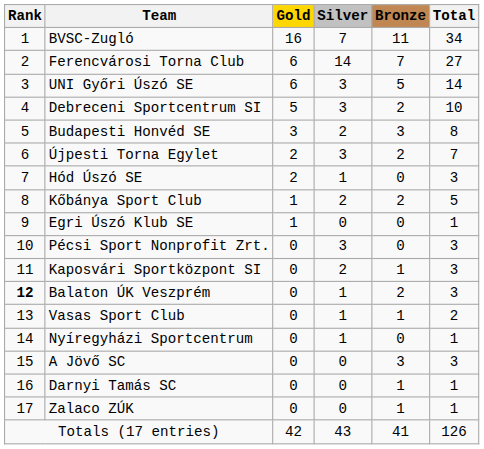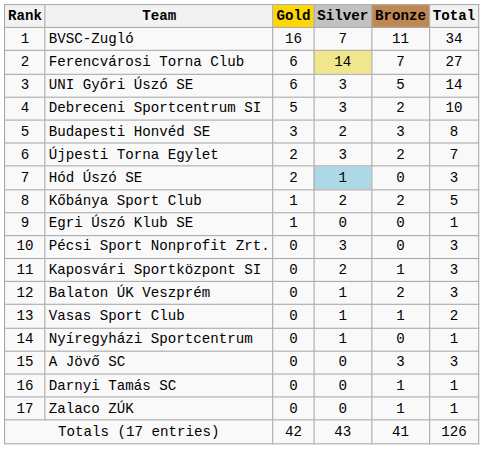 <table class="wikitable sortable sort-under sticky-header" style="text-align:center; font-size:100%;">
 <tr>
 <th>Rank</th>
 <th>Team</th>
 <th style="background-color: gold;">Gold</th>
 <th style="background-color: #C1C1C1;">Silver</th>
 <th style="background-color: #C08753;">Bronze</th>
 <th>Total</th>
 </tr>
 <tr>
 <td>1</td>
 <td align="left">BVSC-Zugló</td>
 <td>16</td>
 <td>7</td>
 <td>11</td>
 <td>34</td>
 </tr>
 <tr>
 <td>2</td>
 <td align="left">Ferencvárosi Torna Club</td>
 <td>6</td>
-<td>14</td>
+<td style="background: khaki;">14</td>
 <td>7</td>
 <td>27</td>
 </tr>
 <tr>
 <td>3</td>
 <td align="left">UNI Győri Úszó SE</td>
 <td>6</td>
 <td>3</td>
 <td>5</td>
 <td>14</td>
 </tr>
 <tr>
 <td>4</td>
 <td align="left">Debreceni Sportcentrum SI</td>
 <td>5</td>
 <td>3</td>
 <td>2</td>
 <td>10</td>
 </tr>
 <tr>
 <td>5</td>
 <td align="left">Budapesti Honvéd SE</td>
 <td>3</td>
 <td>2</td>
 <td>3</td>
 <td>8</td>
 </tr>
 <tr>
 <td>6</td>
 <td align="left">Újpesti Torna Egylet</td>
 <td>2</td>
 <td>3</td>
 <td>2</td>
 <td>7</td>
 </tr>
 <tr>
 <td>7</td>
 <td align="left">Hód Úszó SE</td>
 <td>2</td>
-<td>1</td>
+<td style="background: lightblue;">1</td>
 <td>0</td>
 <td>3</td>
 </tr>
 <tr>
 <td>8</td>
 <td align="left">Kőbánya Sport Club</td>
 <td>1</td>
 <td>2</td>
 <td>2</td>
 <td>5</td>
 </tr>
 <tr>
 <td>9</td>
 <td align="left">Egri Úszó Klub SE</td>
 <td>1</td>
 <td>0</td>
 <td>0</td>
 <td>1</td>
 </tr>
 <tr>
 <td>10</td>
 <td align="left">Pécsi Sport Nonprofit Zrt.</td>
 <td>0</td>
 <td>3</td>
 <td>0</td>
 <td>3</td>
 </tr>
 <tr>
 <td>11</td>
 <td align="left">Kaposvári Sportközpont SI</td>
 <td>0</td>
 <td>2</td>
 <td>1</td>
 <td>3</td>
 </tr>
 <tr>
-<td><strong>12</strong></td>
+<td>12</td>
 <td align="left">Balaton ÚK Veszprém</td>
 <td>0</td>
 <td>1</td>
 <td>2</td>
 <td>3</td>
 </tr>
 <tr>
 <td>13</td>
 <td align="left">Vasas Sport Club</td>
 <td>0</td>
 <td>1</td>
 <td>1</td>
 <td>2</td>
 </tr>
 <tr>
 <td>14</td>
 <td align="left">Nyíregyházi Sportcentrum</td>
 <td>0</td>
 <td>1</td>
 <td>0</td>
 <td>1</td>
 </tr>
 <tr>
 <td>15</td>
 <td align="left">A Jövő SC</td>
 <td>0</td>
 <td>0</td>
 <td>3</td>
 <td>3</td>
 </tr>
 <tr>
 <td>16</td>
 <td align="left">Darnyi Tamás SC</td>
 <td>0</td>
 <td>0</td>
 <td>1</td>
 <td>1</td>
 </tr>
 <tr>
 <td>17</td>
 <td align="left">Zalaco ZÚK</td>
 <td>0</td>
 <td>0</td>
 <td>1</td>
 <td>1</td>
 </tr>
 <tr>
 <td colspan="2">Totals (17 entries)</td>
 <td>42</td>
 <td>43</td>
 <td>41</td>
 <td>126</td>
 </tr>
 </table>
